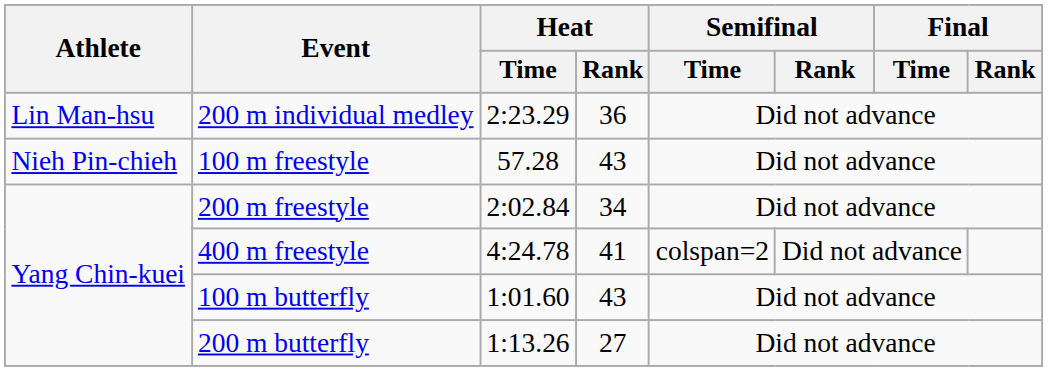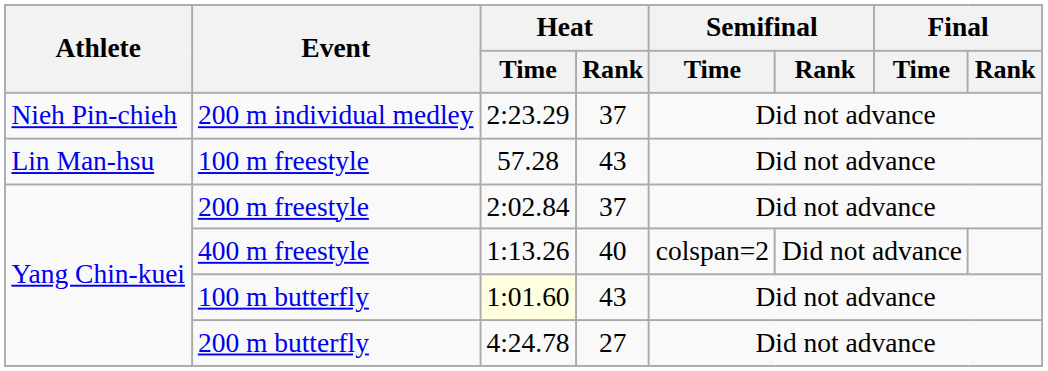 <table class=wikitable style="font-size:90%">
 <tr>
 <th rowspan="2">Athlete</th>
 <th rowspan="2">Event</th>
 <th colspan="2">Heat</th>
 <th colspan="2">Semifinal</th>
 <th colspan="2">Final</th>
 </tr>
 <tr style="font-size:95%">
 <th>Time</th>
 <th>Rank</th>
 <th>Time</th>
 <th>Rank</th>
 <th>Time</th>
 <th>Rank</th>
 </tr>
 <tr align=center>
-<td align=left><a href='#'>Lin Man-hsu</a></td>
+<td align=left><a href='#'>Nieh Pin-chieh</a></td>
 <td align=left><a href='#'>200 m individual medley</a></td>
 <td>2:23.29</td>
-<td>36</td>
+<td>37</td>
 <td colspan=4>Did not advance</td>
 </tr>
 <tr align=center>
-<td align=left><a href='#'>Nieh Pin-chieh</a></td>
+<td align=left><a href='#'>Lin Man-hsu</a></td>
 <td align=left><a href='#'>100 m freestyle</a></td>
 <td>57.28</td>
 <td>43</td>
 <td colspan=4>Did not advance</td>
 </tr>
 <tr align=center>
 <td align=left rowspan=4><a href='#'>Yang Chin-kuei</a></td>
 <td align=left><a href='#'>200 m freestyle</a></td>
 <td>2:02.84</td>
-<td>34</td>
+<td>37</td>
 <td colspan=4>Did not advance</td>
 </tr>
 <tr align=center>
 <td align=left><a href='#'>400 m freestyle</a></td>
-<td>4:24.78</td>
-<td>41</td>
+<td>1:13.26</td>
+<td>40</td>
 <td>colspan=2 </td>
 <td colspan=2>Did not advance</td>
 </tr>
 <tr align=center>
 <td align=left><a href='#'>100 m butterfly</a></td>
-<td>1:01.60</td>
+<td style="background: lightyellow;">1:01.60</td>
 <td>43</td>
 <td colspan=4>Did not advance</td>
 </tr>
 <tr align=center>
 <td align=left><a href='#'>200 m butterfly</a></td>
-<td>1:13.26</td>
+<td>4:24.78</td>
 <td>27</td>
 <td colspan=4>Did not advance</td>
 </tr>
 </table>
